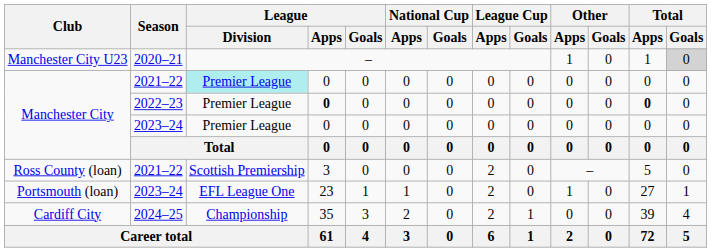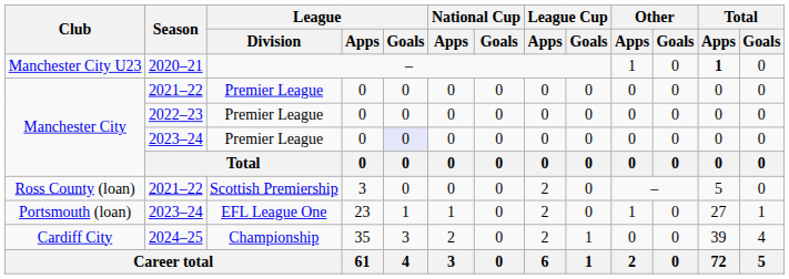 <table class="wikitable" style="text-align: center;">
 <tr>
 <th rowspan="2">Club</th>
 <th rowspan="2">Season</th>
 <th colspan="3">League</th>
 <th colspan="2">National Cup</th>
 <th colspan="2">League Cup</th>
 <th colspan="2">Other</th>
 <th colspan="2">Total</th>
 </tr>
 <tr>
 <th>Division</th>
 <th>Apps</th>
 <th>Goals</th>
 <th>Apps</th>
 <th>Goals</th>
 <th>Apps</th>
 <th>Goals</th>
 <th>Apps</th>
 <th>Goals</th>
 <th>Apps</th>
 <th>Goals</th>
 </tr>
 <tr>
 <td><a href='#'>Manchester City U23</a></td>
 <td><a href='#'>2020–21</a></td>
 <td colspan="7">–</td>
 <td>1</td>
 <td>0</td>
-<td>1</td>
-<td style="background: lightgrey;">0</td>
+<td><strong>1</strong></td>
+<td>0</td>
 </tr>
 <tr>
 <td rowspan=4><a href='#'>Manchester City</a></td>
 <td><a href='#'>2021–22</a></td>
-<td style="background: paleturquoise;"><a href='#'>Premier League</a></td>
+<td><a href='#'>Premier League</a></td>
 <td>0</td>
 <td>0</td>
 <td>0</td>
 <td>0</td>
 <td>0</td>
 <td>0</td>
 <td>0</td>
 <td>0</td>
 <td>0</td>
 <td>0</td>
 </tr>
 <tr>
 <td><a href='#'>2022–23</a></td>
 <td>Premier League</td>
-<td><strong>0</strong></td>
 <td>0</td>
 <td>0</td>
 <td>0</td>
 <td>0</td>
 <td>0</td>
 <td>0</td>
 <td>0</td>
-<td><strong>0</strong></td>
+<td>0</td>
+<td>0</td>
 <td>0</td>
 </tr>
 <tr>
 <td><a href='#'>2023–24</a></td>
 <td>Premier League</td>
 <td>0</td>
-<td>0</td>
+<td style="background: lavender;">0</td>
 <td>0</td>
 <td>0</td>
 <td>0</td>
 <td>0</td>
 <td>0</td>
 <td>0</td>
 <td>0</td>
 <td>0</td>
 </tr>
 <tr>
 <th colspan=2>Total</th>
 <th>0</th>
 <th>0</th>
 <th>0</th>
 <th>0</th>
 <th>0</th>
 <th>0</th>
 <th>0</th>
 <th>0</th>
 <th>0</th>
 <th>0</th>
 </tr>
 <tr>
 <td><a href='#'>Ross County</a> (loan)</td>
 <td><a href='#'>2021–22</a></td>
 <td><a href='#'>Scottish Premiership</a></td>
 <td>3</td>
 <td>0</td>
 <td>0</td>
 <td>0</td>
 <td>2</td>
 <td>0</td>
 <td colspan="2">–</td>
 <td>5</td>
 <td>0</td>
 </tr>
 <tr>
 <td><a href='#'>Portsmouth</a> (loan)</td>
 <td><a href='#'>2023–24</a></td>
 <td><a href='#'>EFL League One</a></td>
 <td>23</td>
 <td>1</td>
 <td>1</td>
 <td>0</td>
 <td>2</td>
 <td>0</td>
 <td>1</td>
 <td>0</td>
 <td>27</td>
 <td>1</td>
 </tr>
 <tr>
 <td><a href='#'>Cardiff City</a></td>
 <td><a href='#'>2024–25</a></td>
 <td><a href='#'>Championship</a></td>
 <td>35</td>
 <td>3</td>
 <td>2</td>
 <td>0</td>
 <td>2</td>
 <td>1</td>
 <td>0</td>
 <td>0</td>
 <td>39</td>
 <td>4</td>
 </tr>
 <tr>
 <th colspan=3>Career total</th>
 <th>61</th>
 <th>4</th>
 <th>3</th>
 <th>0</th>
 <th>6</th>
 <th>1</th>
 <th>2</th>
 <th>0</th>
 <th>72</th>
 <th>5</th>
 </tr>
 </table>
